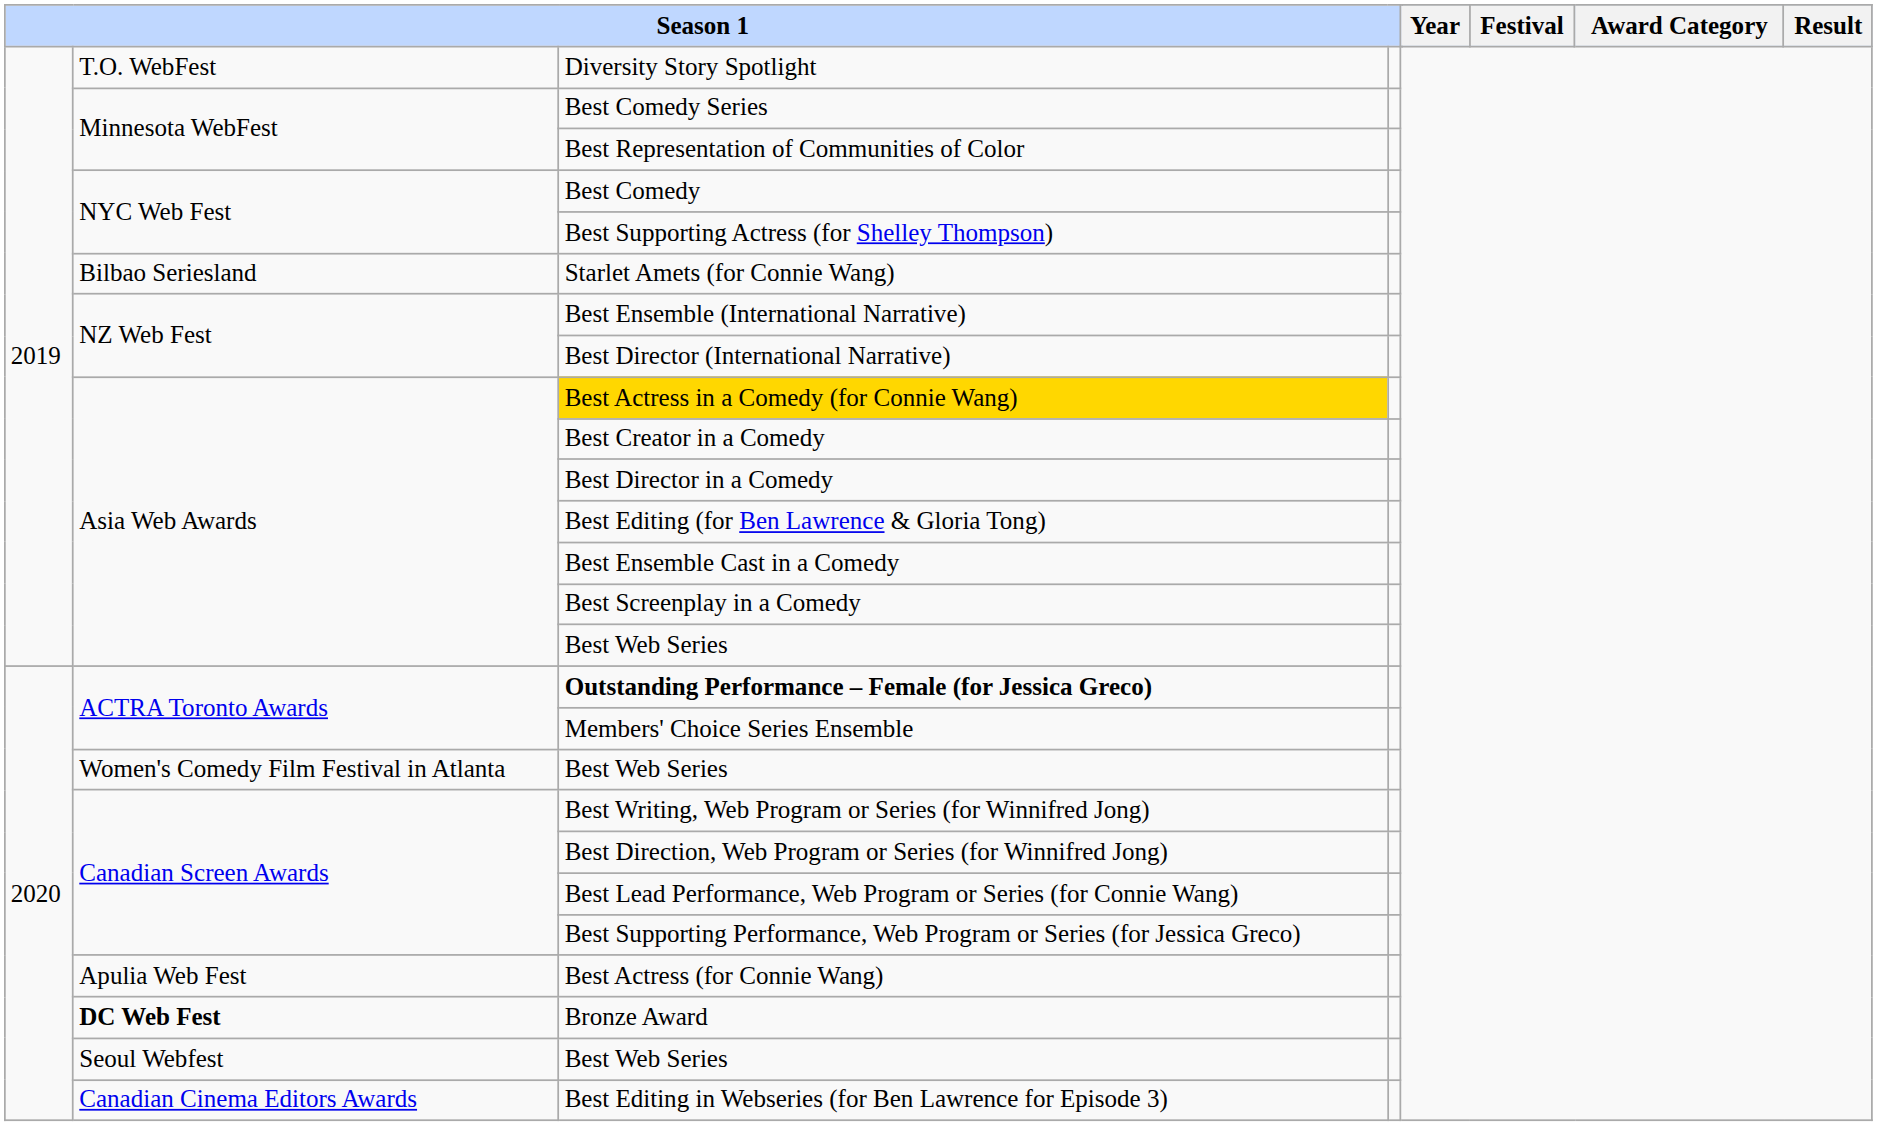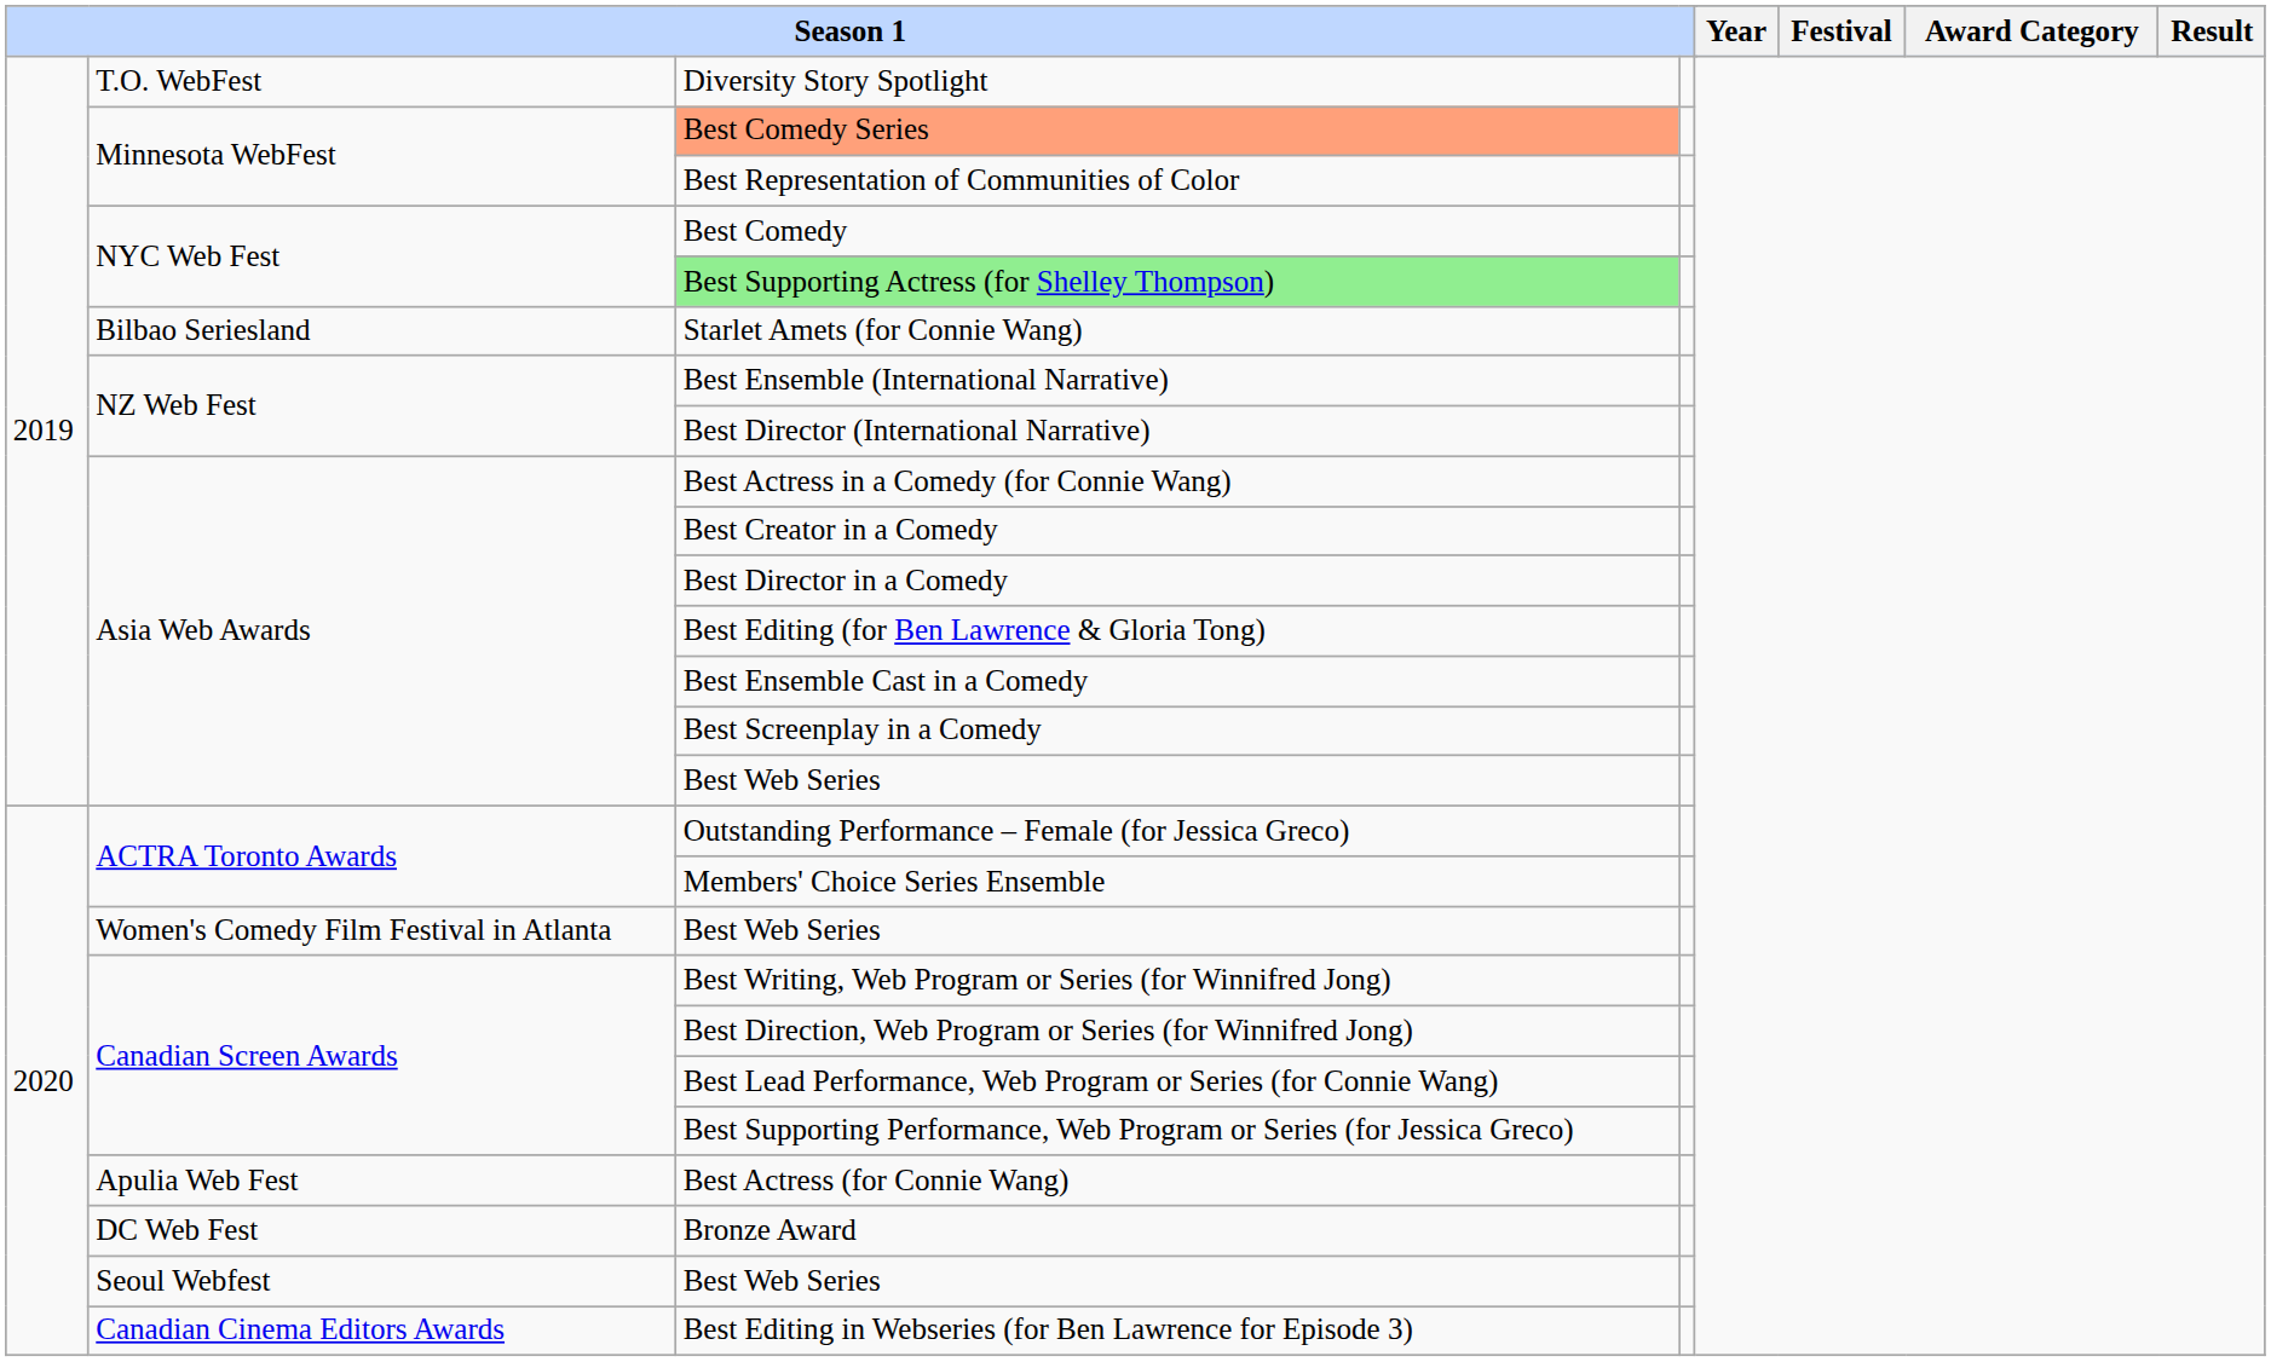 <table class="wikitable plainrowheaders" style="font-size: 90%" width="85%">
 <tr ---- bgcolor="#bfd7ff">
 <td colspan="8" align="center"><strong>Season 1</strong></td>
 <th>Year</th>
 <th>Festival</th>
 <th>Award Category</th>
 <th>Result</th>
 </tr>
 <tr>
 <td rowspan="15">2019</td>
 <td>T.O. WebFest</td>
 <td>Diversity Story Spotlight</td>
 <td></td>
 </tr>
 <tr>
 <td rowspan="2">Minnesota WebFest</td>
-<td>Best Comedy Series</td>
+<td style="background: lightsalmon;">Best Comedy Series</td>
 <td></td>
 </tr>
 <tr>
 <td>Best Representation of Communities of Color</td>
 <td></td>
 </tr>
 <tr>
 <td rowspan="2">NYC Web Fest</td>
 <td>Best Comedy</td>
 <td></td>
 </tr>
 <tr>
-<td>Best Supporting Actress (for <a href='#'>Shelley Thompson</a>)</td>
+<td style="background: lightgreen;">Best Supporting Actress (for <a href='#'>Shelley Thompson</a>)</td>
 <td></td>
 </tr>
 <tr>
 <td>Bilbao Seriesland</td>
 <td>Starlet Amets (for Connie Wang)</td>
 <td></td>
 </tr>
 <tr>
 <td rowspan="2">NZ Web Fest</td>
 <td>Best Ensemble (International Narrative)</td>
 <td></td>
 </tr>
 <tr>
 <td>Best Director (International Narrative)</td>
 <td></td>
 </tr>
 <tr>
 <td rowspan="7">Asia Web Awards</td>
-<td style="background: gold;">Best Actress in a Comedy (for Connie Wang)</td>
+<td>Best Actress in a Comedy (for Connie Wang)</td>
 <td></td>
 </tr>
 <tr>
 <td>Best Creator in a Comedy</td>
 <td></td>
 </tr>
 <tr>
 <td>Best Director in a Comedy</td>
 <td></td>
 </tr>
 <tr>
 <td>Best Editing (for <a href='#'>Ben Lawrence</a> & Gloria Tong)</td>
 <td></td>
 </tr>
 <tr>
 <td>Best Ensemble Cast in a Comedy</td>
 <td></td>
 </tr>
 <tr>
 <td>Best Screenplay in a Comedy</td>
 <td></td>
 </tr>
 <tr>
 <td>Best Web Series</td>
 <td></td>
 </tr>
 <tr>
 <td rowspan="11">2020</td>
 <td rowspan="2"><a href='#'>ACTRA Toronto Awards</a></td>
-<td><strong>Outstanding Performance – Female (for Jessica Greco)</strong></td>
+<td>Outstanding Performance – Female (for Jessica Greco)</td>
 <td></td>
 </tr>
 <tr>
 <td>Members' Choice Series Ensemble</td>
 <td></td>
 </tr>
 <tr>
 <td>Women's Comedy Film Festival in Atlanta</td>
 <td Best Web Series>Best Web Series</td>
 <td></td>
 </tr>
 <tr>
 <td rowspan="4"><a href='#'>Canadian Screen Awards</a></td>
 <td Best Writing, Web Program or Series>Best Writing, Web Program or Series (for Winnifred Jong)</td>
 <td></td>
 </tr>
 <tr>
 <td Best Direction, Web Program or Series (for Winnifred Jong)>Best Direction, Web Program or Series (for Winnifred Jong)</td>
 <td></td>
 </tr>
 <tr>
 <td Best Lead Performance, Web Program or Series (for Connie Wang)>Best Lead Performance, Web Program or Series (for Connie Wang)</td>
 <td></td>
 </tr>
 <tr>
 <td Best Supporting Performance, Web Program or Series (for Jessica Greco)>Best Supporting Performance, Web Program or Series (for Jessica Greco)</td>
 <td></td>
 </tr>
 <tr>
 <td>Apulia Web Fest</td>
 <td>Best Actress (for Connie Wang)</td>
 <td></td>
 </tr>
 <tr>
-<td><strong>DC Web Fest</strong></td>
+<td>DC Web Fest</td>
 <td>Bronze Award</td>
 <td></td>
 </tr>
 <tr>
 <td>Seoul Webfest</td>
 <td>Best Web Series</td>
 <td></td>
 </tr>
 <tr>
 <td><a href='#'>Canadian Cinema Editors Awards</a></td>
 <td>Best Editing in Webseries (for Ben Lawrence for Episode 3)</td>
 <td></td>
 </tr>
 </table>
